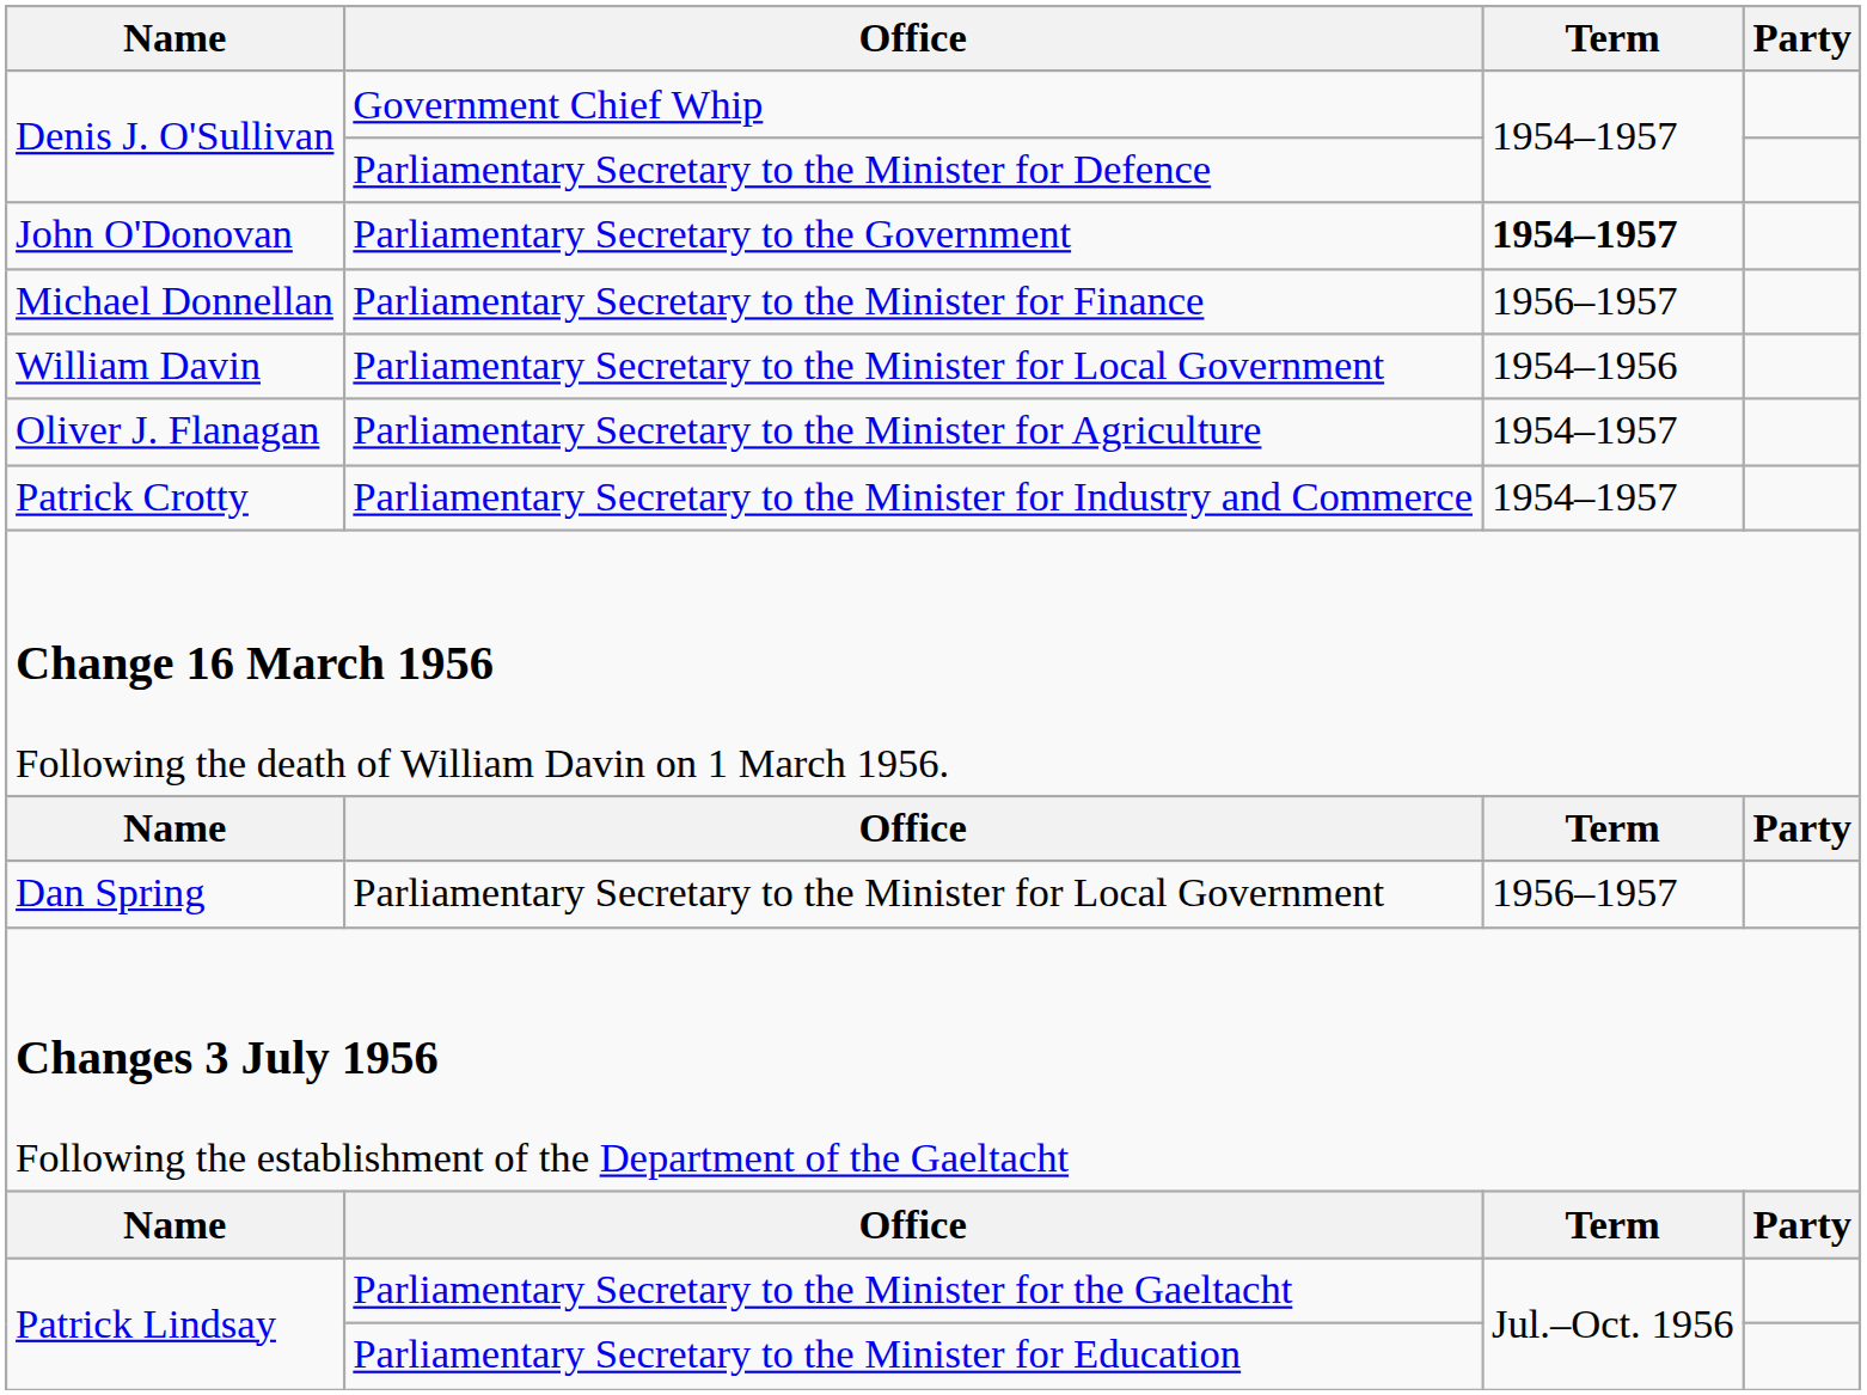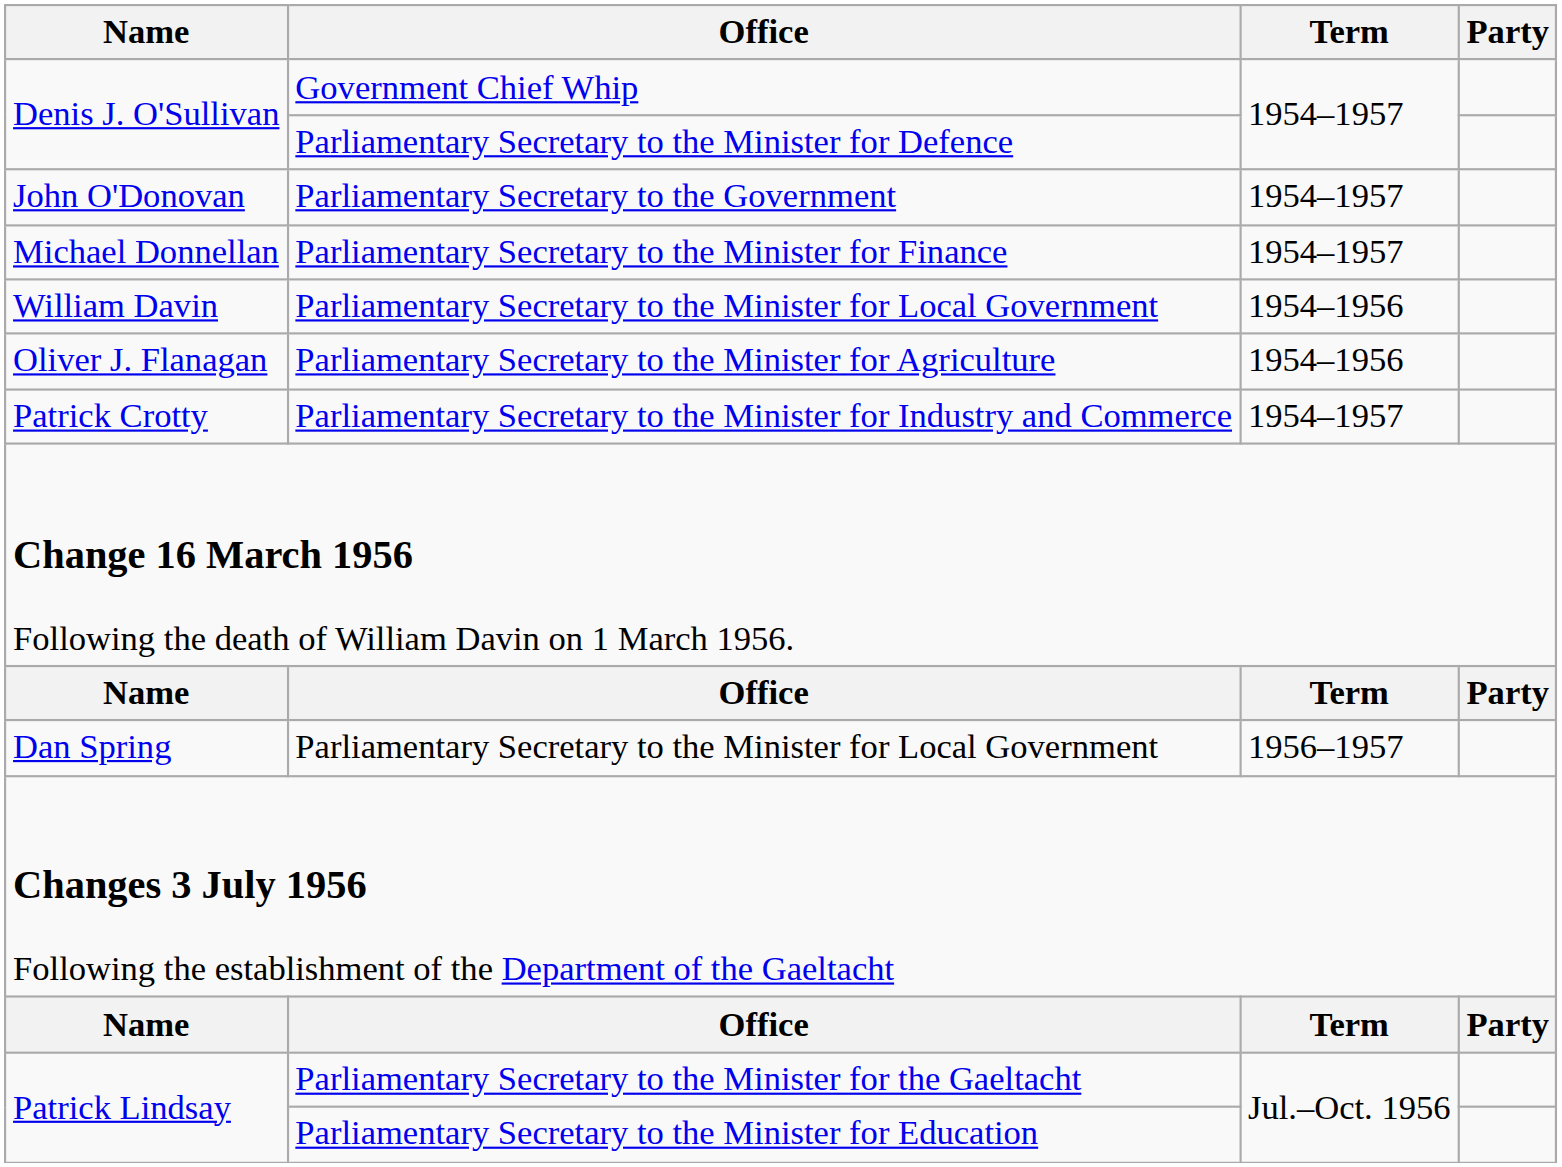 <table class="wikitable">
 <tr>
 <th>Name</th>
 <th>Office</th>
 <th>Term</th>
 <th colspan=2>Party</th>
 </tr>
 <tr>
 <td rowspan=2><a href='#'>Denis J. O'Sullivan</a></td>
 <td><a href='#'>Government Chief Whip</a></td>
 <td rowspan=2>1954–1957</td>
 <td></td>
 </tr>
 <tr>
 <td><a href='#'>Parliamentary Secretary to the Minister for Defence</a></td>
 </tr>
 <tr>
 <td><a href='#'>John O'Donovan</a></td>
 <td><a href='#'>Parliamentary Secretary to the Government</a></td>
-<td><strong>1954–1957</strong></td>
+<td>1954–1957</td>
 <td></td>
 </tr>
 <tr>
 <td><a href='#'>Michael Donnellan</a></td>
 <td><a href='#'>Parliamentary Secretary to the Minister for Finance</a></td>
-<td>1956–1957</td>
+<td>1954–1957</td>
 <td></td>
 </tr>
 <tr>
 <td><a href='#'>William Davin</a></td>
 <td><a href='#'>Parliamentary Secretary to the Minister for Local Government</a></td>
 <td>1954–1956</td>
 <td></td>
 </tr>
 <tr>
 <td><a href='#'>Oliver J. Flanagan</a></td>
 <td><a href='#'>Parliamentary Secretary to the Minister for Agriculture</a></td>
-<td>1954–1957</td>
+<td>1954–1956</td>
 <td></td>
 </tr>
 <tr>
 <td><a href='#'>Patrick Crotty</a></td>
 <td><a href='#'>Parliamentary Secretary to the Minister for Industry and Commerce</a></td>
 <td>1954–1957</td>
 <td></td>
 </tr>
 <tr>
 <td colspan=5><br><h3>Change 16 March 1956</h3>Following the death of William Davin on 1 March 1956.</td>
 </tr>
 <tr>
 <th>Name</th>
 <th>Office</th>
 <th>Term</th>
 <th colspan=2>Party</th>
 </tr>
 <tr>
 <td><a href='#'>Dan Spring</a></td>
 <td>Parliamentary Secretary to the Minister for Local Government</td>
 <td>1956–1957</td>
 <td></td>
 </tr>
 <tr>
 <td colspan=5><br><h3>Changes 3 July 1956</h3>Following the establishment of the <a href='#'>Department of the Gaeltacht</a></td>
 </tr>
 <tr>
 <th>Name</th>
 <th>Office</th>
 <th>Term</th>
 <th colspan=2>Party</th>
 </tr>
 <tr>
 <td rowspan=2><a href='#'>Patrick Lindsay</a></td>
 <td><a href='#'>Parliamentary Secretary to the Minister for the Gaeltacht</a></td>
 <td rowspan=2>Jul.–Oct. 1956</td>
 <td></td>
 </tr>
 <tr>
 <td><a href='#'>Parliamentary Secretary to the Minister for Education</a></td>
 </tr>
 </table>
